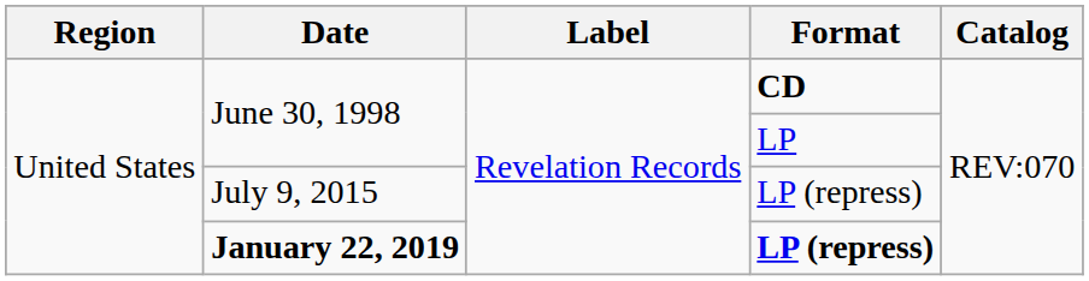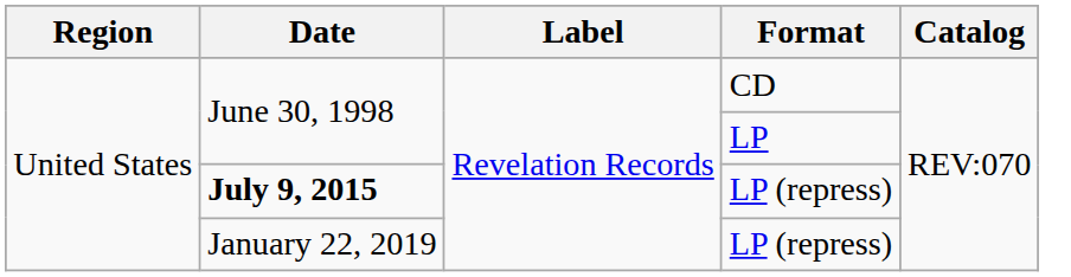 <table class="wikitable" summary="As Tradition Dies Slowly has been released several times since 1998 across a variety of media and markets">
 <tr>
 <th scope="col">Region</th>
 <th scope="col">Date</th>
 <th scope="col">Label</th>
 <th scope="col">Format</th>
 <th scope="col">Catalog</th>
 </tr>
 <tr>
 <td rowspan="4">United States</td>
 <td rowspan="2">June 30, 1998</td>
 <td rowspan="4"><a href='#'>Revelation Records</a></td>
-<td><strong>CD</strong></td>
+<td>CD</td>
 <td rowspan="4">REV:070</td>
 </tr>
 <tr>
 <td><a href='#'>LP</a></td>
 </tr>
 <tr>
-<td>July 9, 2015</td>
+<td><strong>July 9, 2015</strong></td>
 <td><a href='#'>LP</a> (repress)</td>
 </tr>
 <tr>
-<td><strong>January 22, 2019</strong></td>
-<td><strong><a href='#'>LP</a> (repress)</strong></td>
+<td>January 22, 2019</td>
+<td><a href='#'>LP</a> (repress)</td>
 </tr>
 </table>
